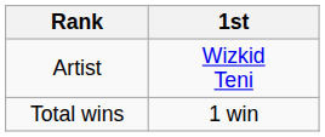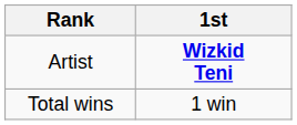 <table class="wikitable">
 <tr>
 <th style="width:100px;">Rank</th>
 <th style="width:120px;">1st</th>
 </tr>
 <tr align=center>
 <td>Artist</td>
-<td><a href='#'>Wizkid</a><br><a href='#'>Teni</a></td>
+<td><strong><a href='#'>Wizkid</a><br><a href='#'>Teni</a></strong></td>
 </tr>
 <tr align=center>
 <td>Total wins</td>
 <td>1 win</td>
 </tr>
 </table>
